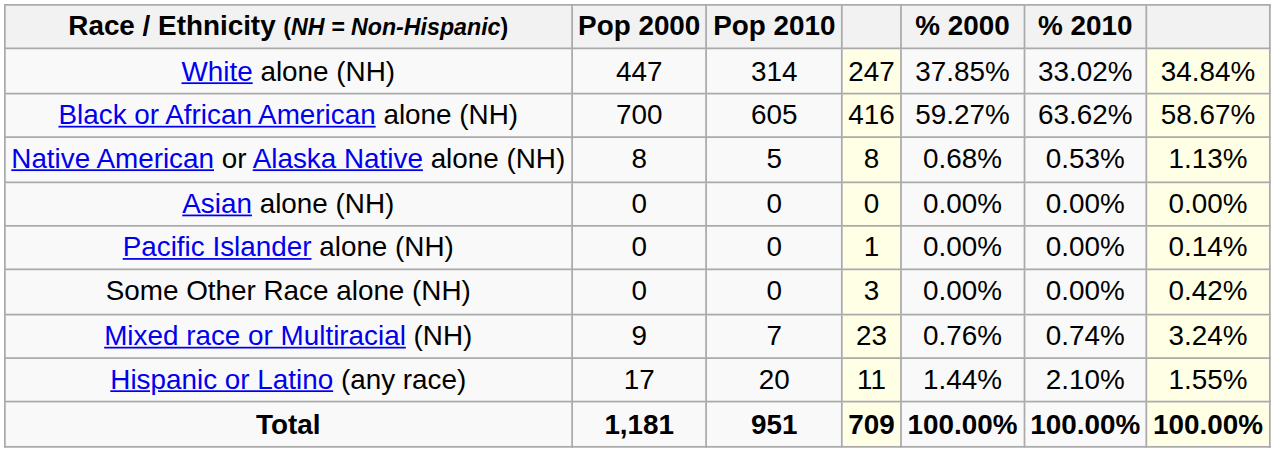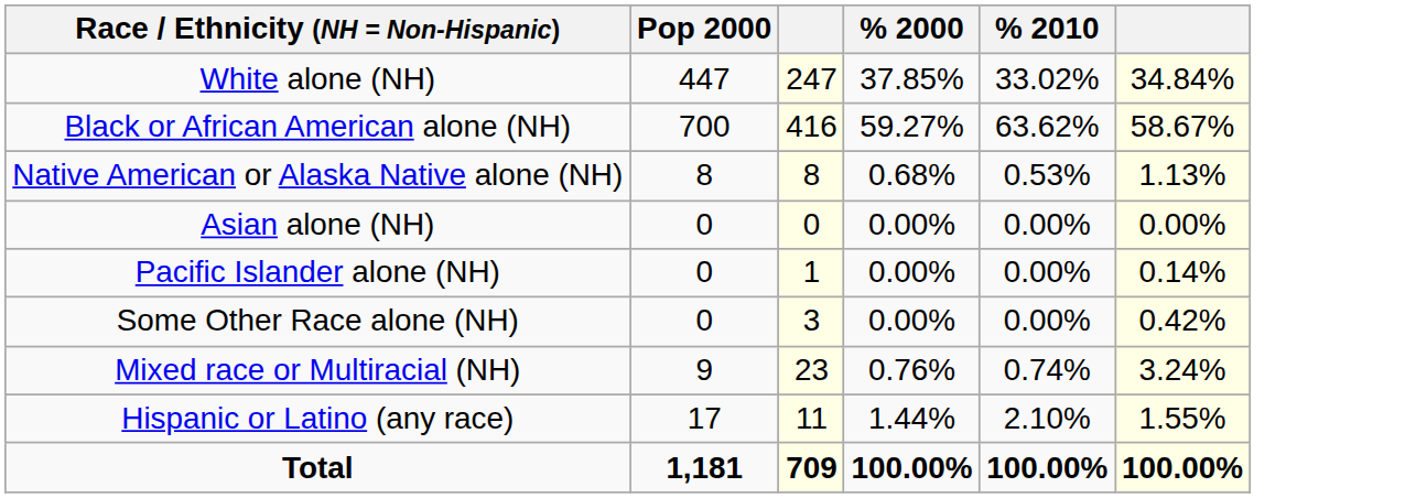 <table class="wikitable" style="text-align:center;">
 <tr>
 <th>Race / Ethnicity <small>(<em>NH = Non-Hispanic</em>)</small></th>
 <th>Pop 2000</th>
-<th>Pop 2010</th>
 <th></th>
 <th>% 2000</th>
 <th>% 2010</th>
 <th></th>
 </tr>
 <tr>
 <td><a href='#'>White</a> alone (NH)</td>
 <td>447</td>
-<td>314</td>
 <td style='background: #ffffe6;'>247</td>
 <td>37.85%</td>
 <td>33.02%</td>
 <td style='background: #ffffe6;'>34.84%</td>
 </tr>
 <tr>
 <td><a href='#'>Black or African American</a> alone (NH)</td>
 <td>700</td>
-<td>605</td>
 <td style='background: #ffffe6;'>416</td>
 <td>59.27%</td>
 <td>63.62%</td>
 <td style='background: #ffffe6;'>58.67%</td>
 </tr>
 <tr>
 <td><a href='#'>Native American</a> or <a href='#'>Alaska Native</a> alone (NH)</td>
 <td>8</td>
-<td>5</td>
 <td style='background: #ffffe6;'>8</td>
 <td>0.68%</td>
 <td>0.53%</td>
 <td style='background: #ffffe6;'>1.13%</td>
 </tr>
 <tr>
 <td><a href='#'>Asian</a> alone (NH)</td>
-<td>0</td>
 <td>0</td>
 <td style='background: #ffffe6;'>0</td>
 <td>0.00%</td>
 <td>0.00%</td>
 <td style='background: #ffffe6;'>0.00%</td>
 </tr>
 <tr>
 <td><a href='#'>Pacific Islander</a> alone (NH)</td>
 <td>0</td>
-<td>0</td>
 <td style='background: #ffffe6;'>1</td>
 <td>0.00%</td>
 <td>0.00%</td>
 <td style='background: #ffffe6;'>0.14%</td>
 </tr>
 <tr>
 <td>Some Other Race alone (NH)</td>
-<td>0</td>
 <td>0</td>
 <td style='background: #ffffe6;'>3</td>
 <td>0.00%</td>
 <td>0.00%</td>
 <td style='background: #ffffe6;'>0.42%</td>
 </tr>
 <tr>
 <td><a href='#'>Mixed race or Multiracial</a> (NH)</td>
 <td>9</td>
-<td>7</td>
 <td style='background: #ffffe6;'>23</td>
 <td>0.76%</td>
 <td>0.74%</td>
 <td style='background: #ffffe6;'>3.24%</td>
 </tr>
 <tr>
 <td><a href='#'>Hispanic or Latino</a> (any race)</td>
 <td>17</td>
-<td>20</td>
 <td style='background: #ffffe6;'>11</td>
 <td>1.44%</td>
 <td>2.10%</td>
 <td style='background: #ffffe6;'>1.55%</td>
 </tr>
 <tr>
 <td><strong>Total</strong></td>
 <td><strong>1,181</strong></td>
-<td><strong>951</strong></td>
 <td style='background: #ffffe6;'><strong>709</strong></td>
 <td><strong>100.00%</strong></td>
 <td><strong>100.00%</strong></td>
 <td style='background: #ffffe6;'><strong>100.00%</strong></td>
 </tr>
 </table>
